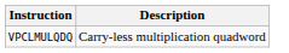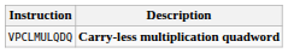 <table class="wikitable">
 <tr>
 <th scope="col">Instruction</th>
 <th scope="col">Description</th>
 </tr>
 <tr>
 <td><code>VPCLMULQDQ</code></td>
-<td>Carry-less multiplication quadword</td>
+<td><strong>Carry-less multiplication quadword</strong></td>
 </tr>
 </table>
